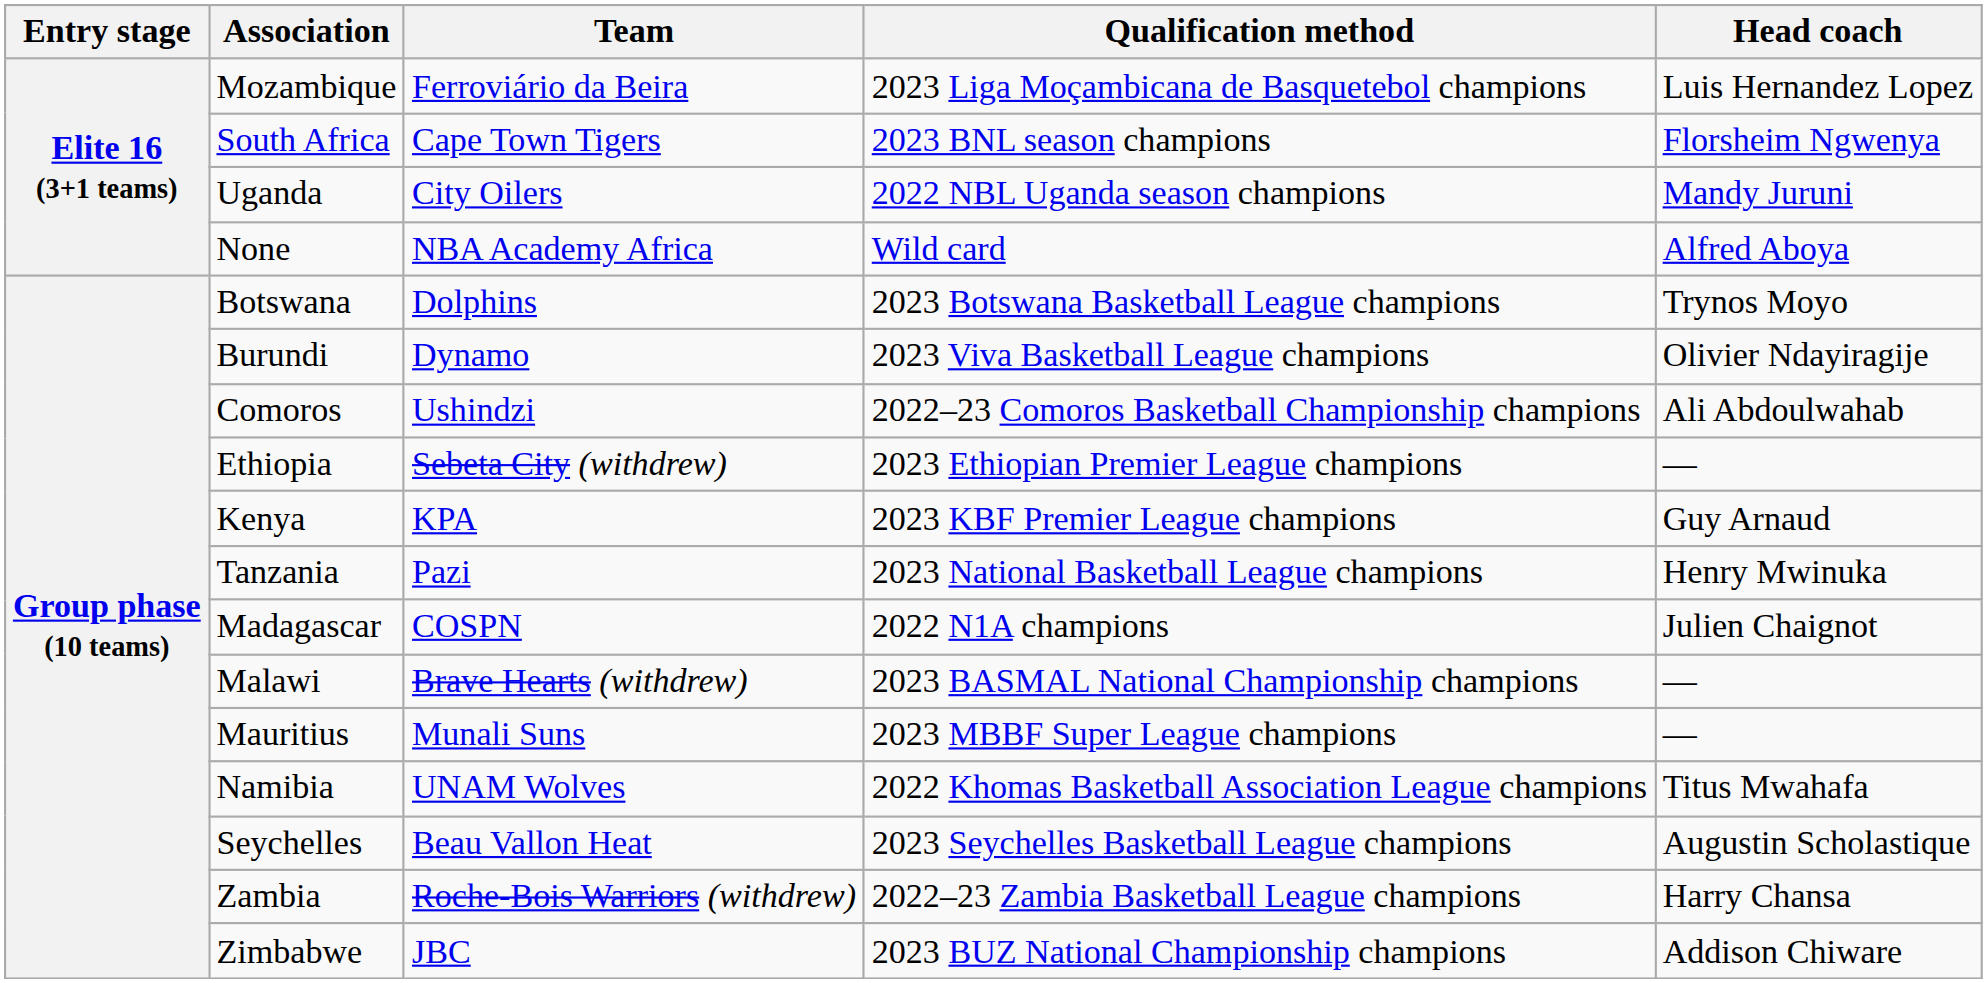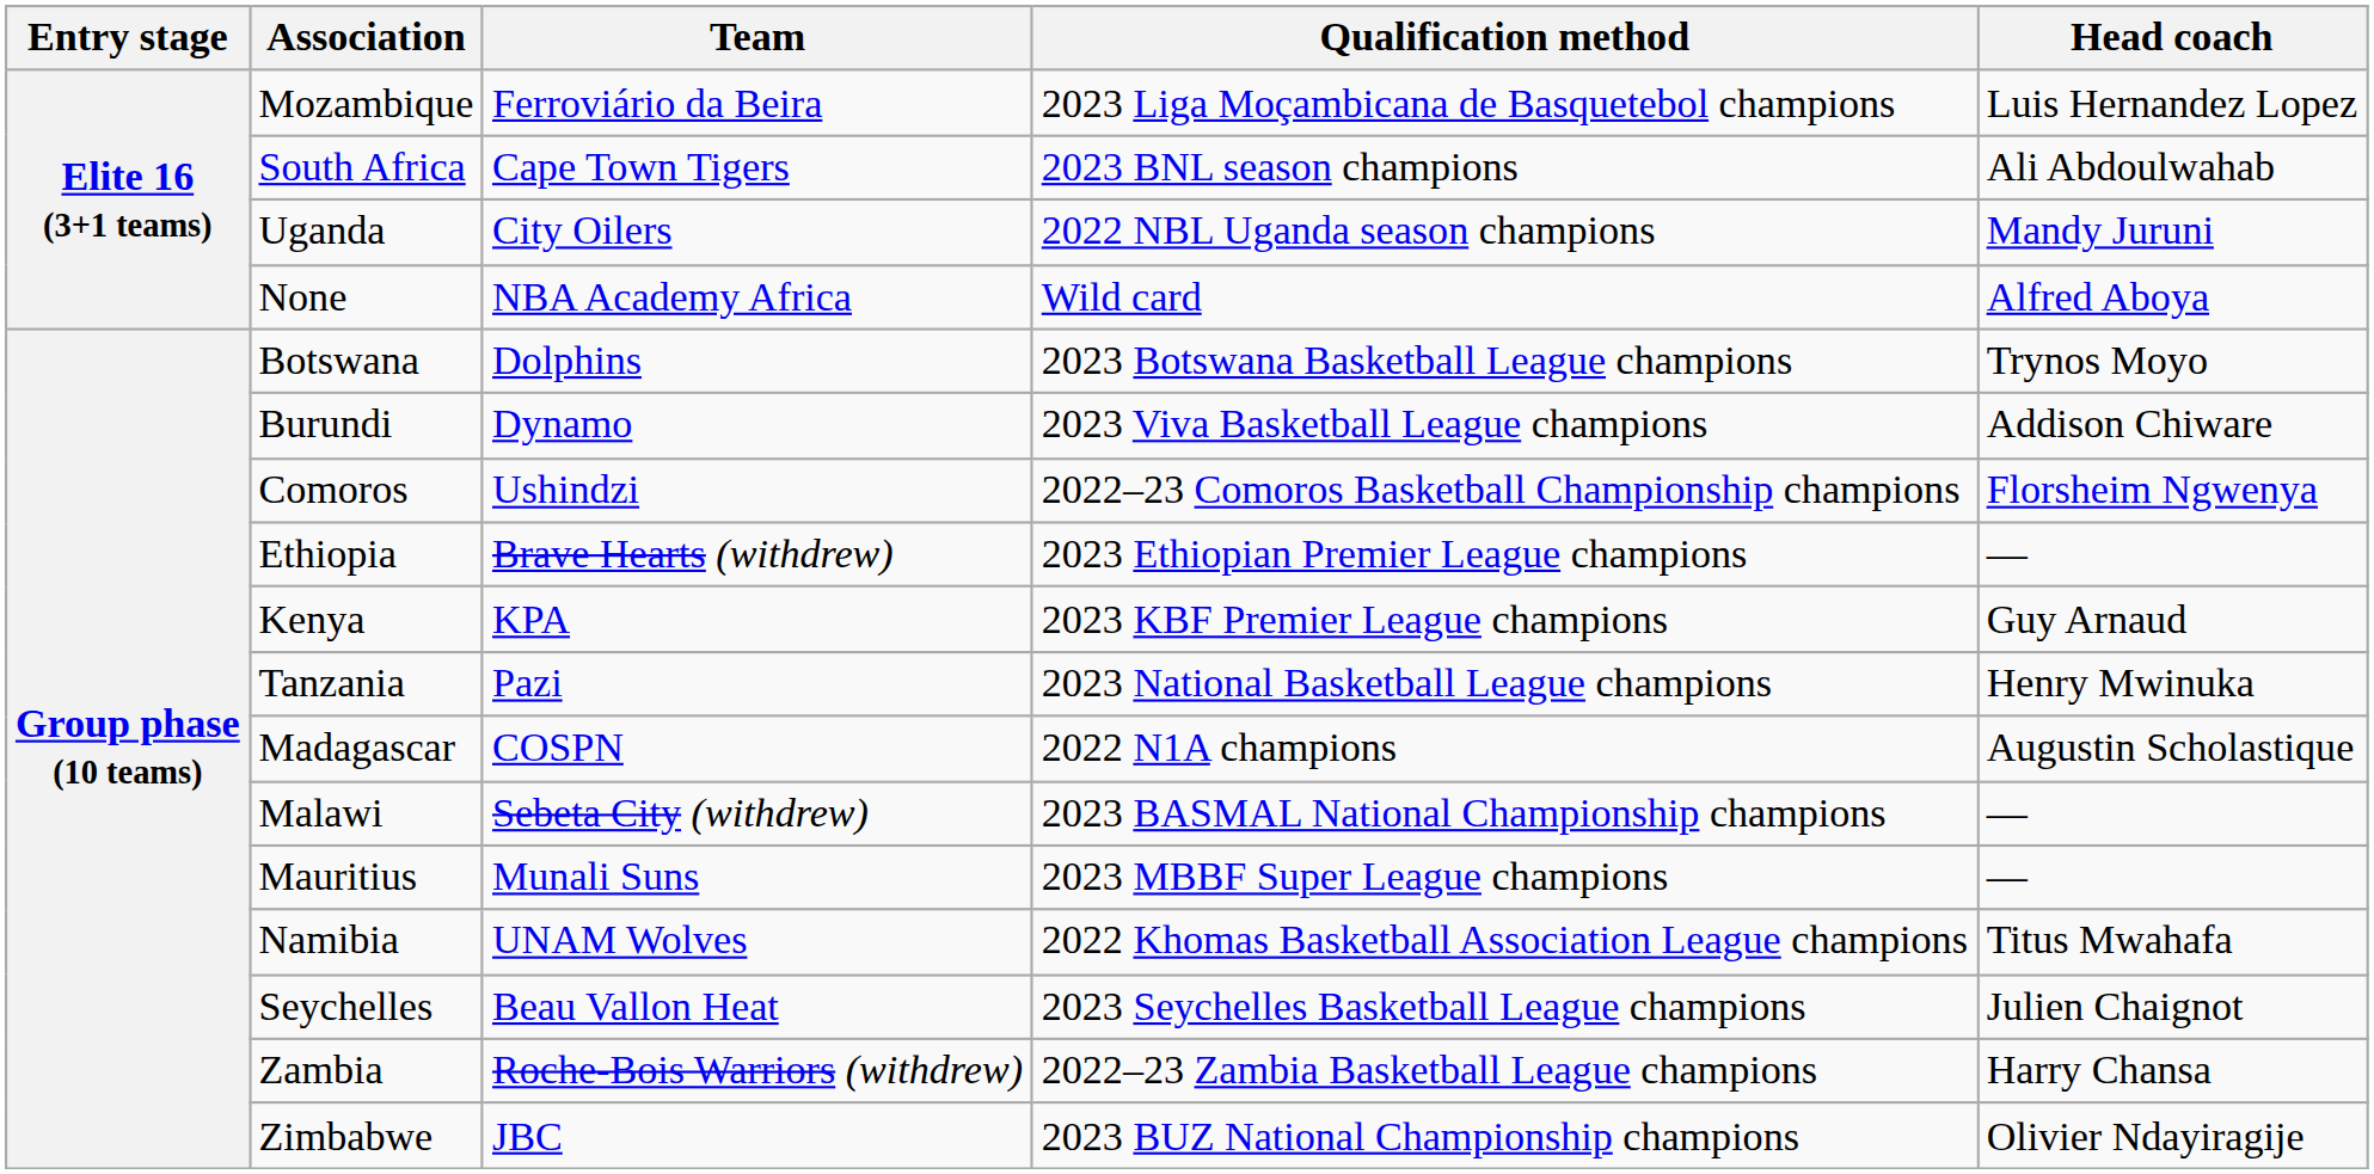 <table class="wikitable">
 <tr>
 <th>Entry stage</th>
 <th>Association</th>
 <th>Team</th>
 <th>Qualification method</th>
 <th>Head coach</th>
 </tr>
 <tr>
 <th rowspan="4"><a href='#'>Elite 16</a><br><small>(3+1 teams)</small></th>
 <td> Mozambique</td>
 <td><a href='#'>Ferroviário da Beira</a></td>
 <td>2023 <a href='#'>Liga Moçambicana de Basquetebol</a> champions</td>
 <td>Luis Hernandez Lopez</td>
 </tr>
 <tr>
 <td> <a href='#'>South Africa</a></td>
 <td><a href='#'>Cape Town Tigers</a></td>
 <td><a href='#'>2023 BNL season</a> champions</td>
-<td><a href='#'>Florsheim Ngwenya</a></td>
+<td>Ali Abdoulwahab</td>
 </tr>
 <tr>
 <td> Uganda</td>
 <td><a href='#'>City Oilers</a></td>
 <td><a href='#'>2022 NBL Uganda season</a> champions</td>
 <td><a href='#'>Mandy Juruni</a></td>
 </tr>
 <tr>
 <td>None</td>
 <td><a href='#'>NBA Academy Africa</a></td>
 <td><a href='#'>Wild card</a></td>
 <td><a href='#'>Alfred Aboya</a></td>
 </tr>
 <tr>
 <th rowspan="13"><a href='#'>Group phase</a><br><small>(10 teams)</small></th>
 <td> Botswana</td>
 <td><a href='#'>Dolphins</a></td>
 <td>2023 <a href='#'>Botswana Basketball League</a> champions</td>
 <td>Trynos Moyo</td>
 </tr>
 <tr>
 <td> Burundi</td>
 <td><a href='#'>Dynamo</a></td>
 <td>2023 <a href='#'>Viva Basketball League</a> champions</td>
-<td>Olivier Ndayiragije</td>
+<td>Addison Chiware</td>
 </tr>
 <tr>
 <td> Comoros</td>
 <td><a href='#'>Ushindzi</a></td>
 <td>2022–23 <a href='#'>Comoros Basketball Championship</a> champions</td>
-<td>Ali Abdoulwahab</td>
+<td><a href='#'>Florsheim Ngwenya</a></td>
 </tr>
 <tr>
 <td> Ethiopia</td>
-<td><a href='#'><s>Sebeta City</s></a> <em>(withdrew)</em></td>
+<td><a href='#'><s>Brave Hearts</s></a> <em>(withdrew)</em></td>
 <td>2023 <a href='#'>Ethiopian Premier League</a> champions</td>
 <td>—</td>
 </tr>
 <tr>
 <td> Kenya</td>
 <td><a href='#'>KPA</a></td>
 <td>2023 <a href='#'>KBF Premier League</a> champions</td>
 <td>Guy Arnaud</td>
 </tr>
 <tr>
 <td> Tanzania</td>
 <td><a href='#'>Pazi</a></td>
 <td>2023 <a href='#'>National Basketball League</a> champions</td>
 <td>Henry Mwinuka</td>
 </tr>
 <tr>
 <td> Madagascar</td>
 <td><a href='#'>COSPN</a></td>
 <td>2022 <a href='#'>N1A</a> champions</td>
-<td>Julien Chaignot</td>
+<td>Augustin Scholastique</td>
 </tr>
 <tr>
 <td> Malawi</td>
-<td><a href='#'><s>Brave Hearts</s></a> <em>(withdrew)</em></td>
+<td><a href='#'><s>Sebeta City</s></a> <em>(withdrew)</em></td>
 <td>2023 <a href='#'>BASMAL National Championship</a> champions</td>
 <td>—</td>
 </tr>
 <tr>
 <td> Mauritius</td>
 <td><a href='#'>Munali Suns</a></td>
 <td>2023 <a href='#'>MBBF Super League</a> champions</td>
 <td>—</td>
 </tr>
 <tr>
 <td> Namibia</td>
 <td><a href='#'>UNAM Wolves</a></td>
 <td>2022 <a href='#'>Khomas Basketball Association League</a> champions</td>
 <td>Titus Mwahafa</td>
 </tr>
 <tr>
 <td> Seychelles</td>
 <td><a href='#'>Beau Vallon Heat</a></td>
 <td>2023 <a href='#'>Seychelles Basketball League</a> champions</td>
-<td>Augustin Scholastique</td>
+<td>Julien Chaignot</td>
 </tr>
 <tr>
 <td> Zambia</td>
 <td><a href='#'><s>Roche-Bois Warriors</s></a> <em>(withdrew)</em></td>
 <td>2022–23 <a href='#'>Zambia Basketball League</a> champions</td>
 <td>Harry Chansa</td>
 </tr>
 <tr>
 <td> Zimbabwe</td>
 <td><a href='#'>JBC</a></td>
 <td>2023 <a href='#'>BUZ National Championship</a> champions</td>
-<td>Addison Chiware</td>
+<td>Olivier Ndayiragije</td>
 </tr>
 </table>
